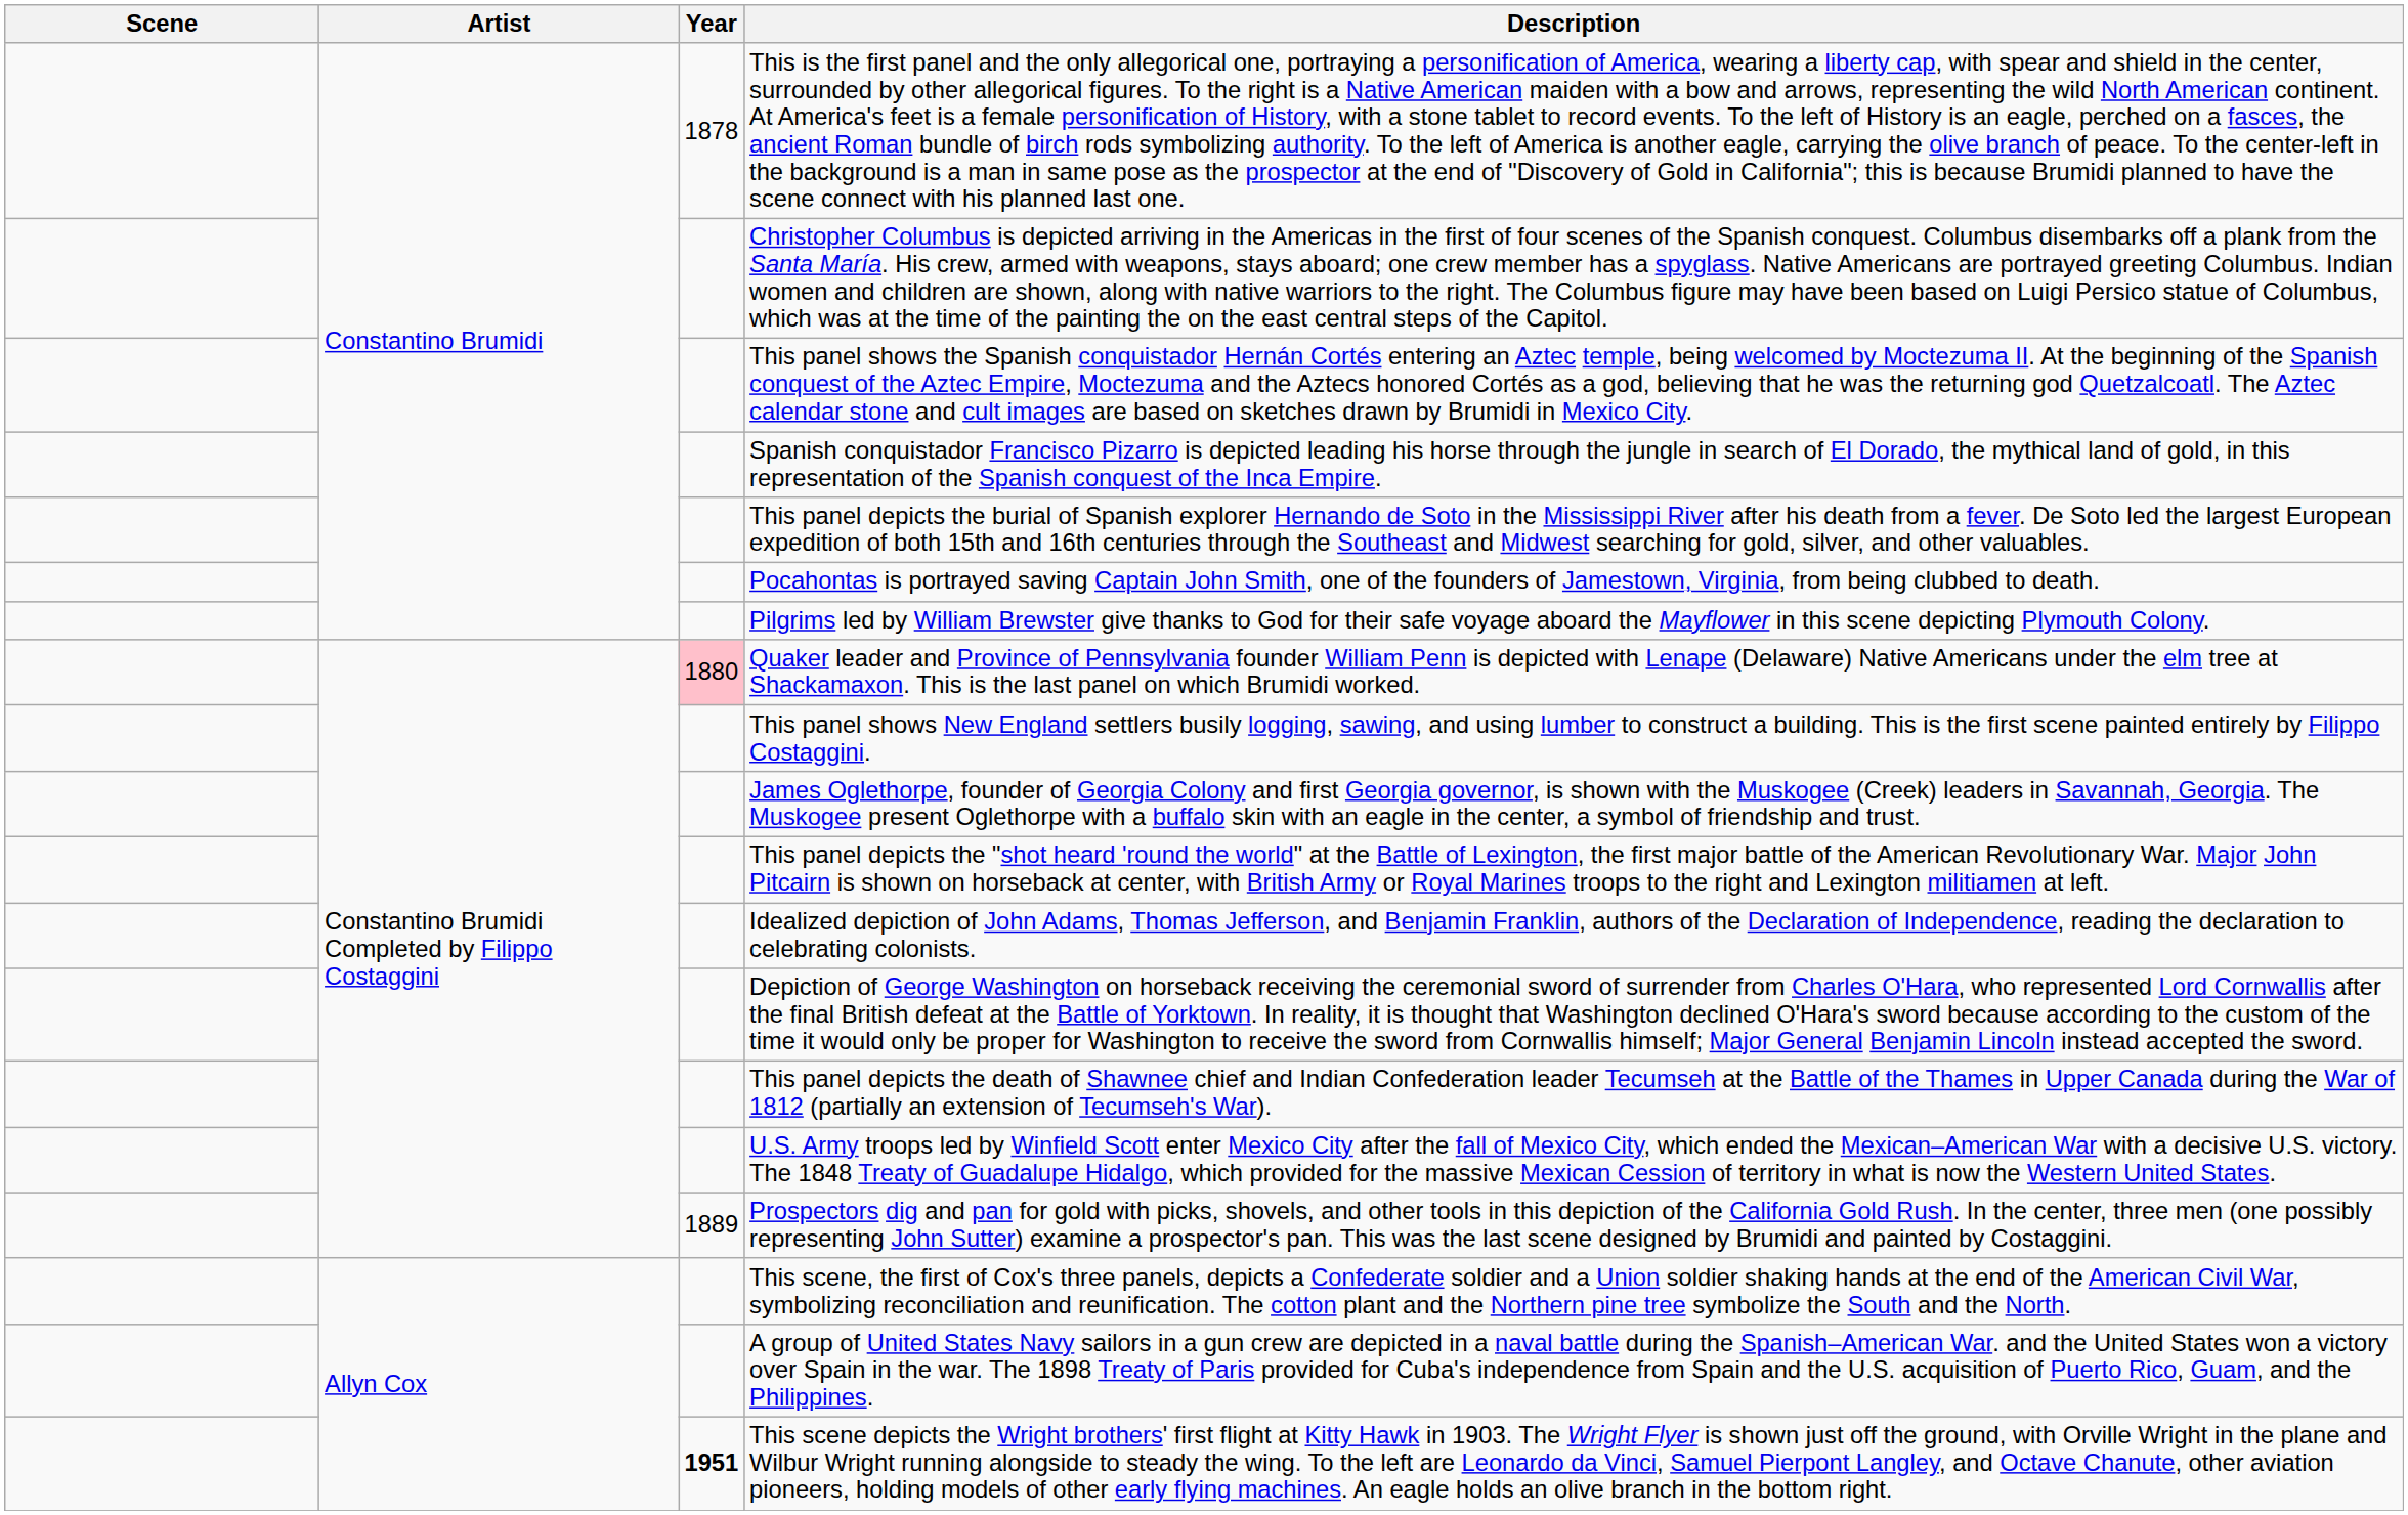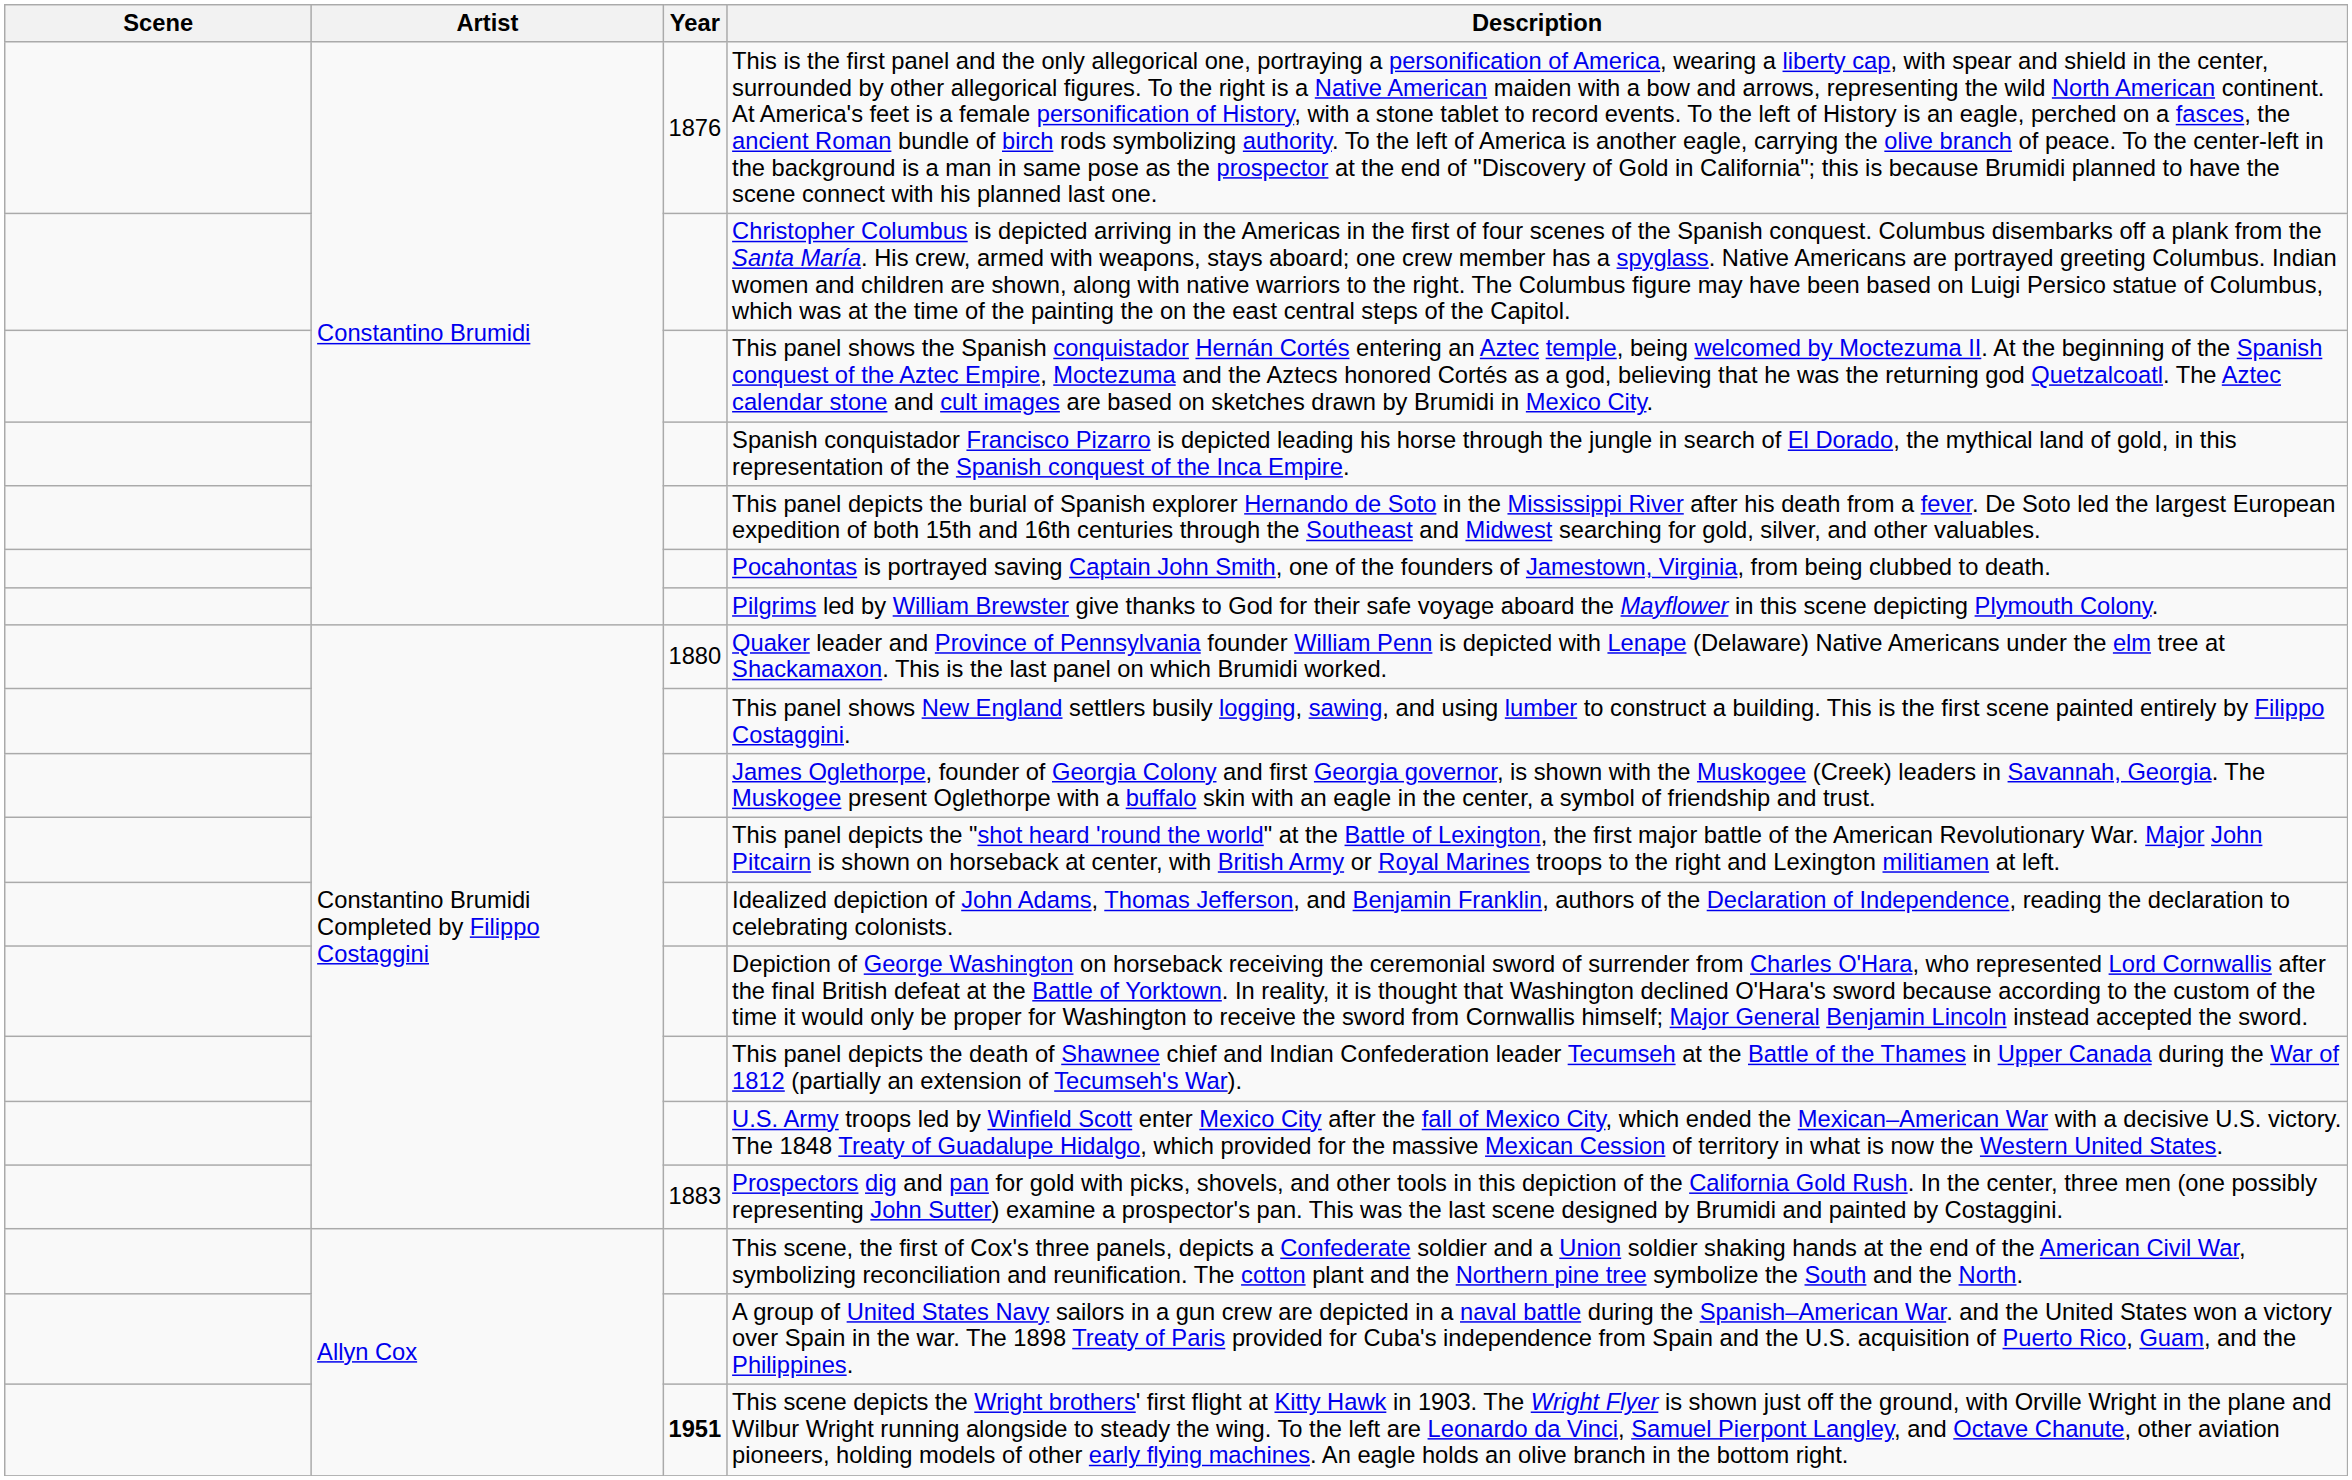 <table class="wikitable" width="100%">
 <tr>
 <th>Scene</th>
 <th width="15%">Artist</th>
 <th>Year</th>
 <th>Description</th>
 </tr>
 <tr>
 <td width="200px" align="center"><strong><em></em></strong></td>
 <td rowspan="7"><a href='#'>Constantino Brumidi</a></td>
-<td>1878</td>
+<td>1876</td>
 <td>This is the first panel and the only allegorical one, portraying a <a href='#'>personification of America</a>, wearing a <a href='#'>liberty cap</a>, with spear and shield in the center, surrounded by other allegorical figures. To the right is a <a href='#'>Native American</a> maiden with a bow and arrows, representing the wild <a href='#'>North American</a> continent. At America's feet is a female <a href='#'>personification of History</a>, with a stone tablet to record events. To the left of History is an eagle, perched on a <a href='#'>fasces</a>, the <a href='#'>ancient Roman</a> bundle of <a href='#'>birch</a> rods symbolizing <a href='#'>authority</a>. To the left of America is another eagle, carrying the <a href='#'>olive branch</a> of peace. To the center-left in the background is a man in same pose as the <a href='#'>prospector</a> at the end of "Discovery of Gold in California"; this is because Brumidi planned to have the scene connect with his planned last one.</td>
 </tr>
 <tr>
 <td width="200px" align="center"><strong><em></em></strong></td>
 <td></td>
 <td><a href='#'>Christopher Columbus</a> is depicted arriving in the Americas in the first of four scenes of the Spanish conquest. Columbus disembarks off a plank from the <em><a href='#'>Santa María</a></em>. His crew, armed with weapons, stays aboard; one crew member has a <a href='#'>spyglass</a>. Native Americans are portrayed greeting Columbus. Indian women and children are shown, along with native warriors to the right. The Columbus figure may have been based on Luigi Persico statue of Columbus, which was at the time of the painting the on the east central steps of the Capitol.</td>
 </tr>
 <tr>
 <td width="200px" align="center"><strong><em></em></strong></td>
 <td></td>
 <td>This panel shows the Spanish <a href='#'>conquistador</a> <a href='#'>Hernán Cortés</a> entering an <a href='#'>Aztec</a> <a href='#'>temple</a>, being <a href='#'>welcomed by Moctezuma II</a>. At the beginning of the <a href='#'>Spanish conquest of the Aztec Empire</a>, <a href='#'>Moctezuma</a> and the Aztecs honored Cortés as a god, believing that he was the returning god <a href='#'>Quetzalcoatl</a>. The <a href='#'>Aztec calendar stone</a> and <a href='#'>cult images</a> are based on sketches drawn by Brumidi in <a href='#'>Mexico City</a>.</td>
 </tr>
 <tr>
 <td width="200px" align="center"><strong><em></em></strong></td>
 <td></td>
 <td>Spanish conquistador <a href='#'>Francisco Pizarro</a> is depicted leading his horse through the jungle in search of <a href='#'>El Dorado</a>, the mythical land of gold, in this representation of the <a href='#'>Spanish conquest of the Inca Empire</a>.</td>
 </tr>
 <tr>
 <td width="200px" align="center"><strong><em></em></strong></td>
 <td></td>
 <td>This panel depicts the burial of Spanish explorer <a href='#'>Hernando de Soto</a> in the <a href='#'>Mississippi River</a> after his death from a <a href='#'>fever</a>. De Soto led the largest European expedition of both 15th and 16th centuries through the <a href='#'>Southeast</a> and <a href='#'>Midwest</a> searching for gold, silver, and other valuables.</td>
 </tr>
 <tr>
 <td width="200px" align="center"><strong><em></em></strong></td>
 <td></td>
 <td><a href='#'>Pocahontas</a> is portrayed saving <a href='#'>Captain John Smith</a>, one of the founders of <a href='#'>Jamestown, Virginia</a>, from being clubbed to death.</td>
 </tr>
 <tr>
 <td width="200px" align="center"><strong><em></em></strong></td>
 <td></td>
 <td><a href='#'>Pilgrims</a> led by <a href='#'>William Brewster</a> give thanks to God for their safe voyage aboard the <em><a href='#'>Mayflower</a></em> in this scene depicting <a href='#'>Plymouth Colony</a>.</td>
 </tr>
 <tr>
 <td width="200px" align="center"></td>
 <td rowspan="9">Constantino Brumidi<br>Completed by <a href='#'>Filippo Costaggini</a></td>
-<td style="background: pink;">1880</td>
+<td>1880</td>
 <td><a href='#'>Quaker</a> leader and <a href='#'>Province of Pennsylvania</a> founder <a href='#'>William Penn</a> is depicted with <a href='#'>Lenape</a> (Delaware) Native Americans under the <a href='#'>elm</a> tree at <a href='#'>Shackamaxon</a>. This is the last panel on which Brumidi worked.</td>
 </tr>
 <tr>
 <td width="200px" align="center"><strong><em></em></strong></td>
 <td></td>
 <td>This panel shows <a href='#'>New England</a> settlers busily <a href='#'>logging</a>, <a href='#'>sawing</a>, and using <a href='#'>lumber</a> to construct a building. This is the first scene painted entirely by <a href='#'>Filippo Costaggini</a>.</td>
 </tr>
 <tr>
 <td width="200px" align="center"><strong><em></em></strong></td>
 <td></td>
 <td><a href='#'>James Oglethorpe</a>, founder of <a href='#'>Georgia Colony</a> and first <a href='#'>Georgia governor</a>, is shown with the <a href='#'>Muskogee</a> (Creek) leaders in <a href='#'>Savannah, Georgia</a>. The <a href='#'>Muskogee</a> present Oglethorpe with a <a href='#'>buffalo</a> skin with an eagle in the center, a symbol of friendship and trust.</td>
 </tr>
 <tr>
 <td width="200px" align="center"><strong><em></em></strong></td>
 <td></td>
 <td>This panel depicts the "<a href='#'>shot heard 'round the world</a>" at the <a href='#'>Battle of Lexington</a>, the first major battle of the American Revolutionary War. <a href='#'>Major</a> <a href='#'>John Pitcairn</a> is shown on horseback at center, with <a href='#'>British Army</a> or <a href='#'>Royal Marines</a> troops to the right and Lexington <a href='#'>militiamen</a> at left.</td>
 </tr>
 <tr>
 <td width="200px" align="center"><strong><em></em></strong></td>
 <td></td>
 <td>Idealized depiction of <a href='#'>John Adams</a>, <a href='#'>Thomas Jefferson</a>, and <a href='#'>Benjamin Franklin</a>, authors of the <a href='#'>Declaration of Independence</a>, reading the declaration to celebrating colonists.</td>
 </tr>
 <tr>
 <td width="200px" align="center"><strong><em></em></strong></td>
 <td></td>
 <td>Depiction of <a href='#'>George Washington</a> on horseback receiving the ceremonial sword of surrender from <a href='#'>Charles O'Hara</a>, who represented <a href='#'>Lord Cornwallis</a> after the final British defeat at the <a href='#'>Battle of Yorktown</a>. In reality, it is thought that Washington declined O'Hara's sword because according to the custom of the time it would only be proper for Washington to receive the sword from Cornwallis himself; <a href='#'>Major General</a> <a href='#'>Benjamin Lincoln</a> instead accepted the sword.</td>
 </tr>
 <tr>
 <td width="200px" align="center"><strong><em></em></strong></td>
 <td></td>
 <td>This panel depicts the death of <a href='#'>Shawnee</a> chief and Indian Confederation leader <a href='#'>Tecumseh</a> at the <a href='#'>Battle of the Thames</a> in <a href='#'>Upper Canada</a> during the <a href='#'>War of 1812</a> (partially an extension of <a href='#'>Tecumseh's War</a>).</td>
 </tr>
 <tr>
 <td width="200px" align="center"><strong><em></em></strong></td>
 <td></td>
 <td><a href='#'>U.S. Army</a> troops led by <a href='#'>Winfield Scott</a> enter <a href='#'>Mexico City</a> after the <a href='#'>fall of Mexico City</a>, which ended the <a href='#'>Mexican–American War</a> with a decisive U.S. victory. The 1848 <a href='#'>Treaty of Guadalupe Hidalgo</a>, which provided for the massive <a href='#'>Mexican Cession</a> of territory in what is now the <a href='#'>Western United States</a>.</td>
 </tr>
 <tr>
 <td width="200px" align="center"><strong><em></em></strong></td>
-<td>1889</td>
+<td>1883</td>
 <td><a href='#'>Prospectors</a> <a href='#'>dig</a> and <a href='#'>pan</a> for gold with picks, shovels, and other tools in this depiction of the <a href='#'>California Gold Rush</a>. In the center, three men (one possibly representing <a href='#'>John Sutter</a>) examine a prospector's pan. This was the last scene designed by Brumidi and painted by Costaggini.</td>
 </tr>
 <tr>
 <td width="200px" align="center"><strong><em></em></strong></td>
 <td rowspan="3"><a href='#'>Allyn Cox</a></td>
 <td></td>
 <td>This scene, the first of Cox's three panels, depicts a <a href='#'>Confederate</a> soldier and a <a href='#'>Union</a> soldier shaking hands at the end of the <a href='#'>American Civil War</a>, symbolizing reconciliation and reunification. The <a href='#'>cotton</a> plant and the <a href='#'>Northern pine tree</a> symbolize the <a href='#'>South</a> and the <a href='#'>North</a>.</td>
 </tr>
 <tr>
 <td width="200px" align="center"><strong><em></em></strong></td>
 <td></td>
 <td>A group of <a href='#'>United States Navy</a> sailors in a gun crew are depicted in a <a href='#'>naval battle</a> during the <a href='#'>Spanish–American War</a>. and the United States won a victory over Spain in the war. The 1898 <a href='#'>Treaty of Paris</a> provided for Cuba's independence from Spain and the U.S. acquisition of <a href='#'>Puerto Rico</a>, <a href='#'>Guam</a>, and the <a href='#'>Philippines</a>.</td>
 </tr>
 <tr>
 <td width="200px" align="center"><strong><em></em></strong></td>
 <td><strong>1951</strong></td>
 <td>This scene depicts the <a href='#'>Wright brothers</a>' first flight at <a href='#'>Kitty Hawk</a> in 1903. The <em><a href='#'>Wright Flyer</a></em> is shown just off the ground, with Orville Wright in the plane and Wilbur Wright running alongside to steady the wing. To the left are <a href='#'>Leonardo da Vinci</a>, <a href='#'>Samuel Pierpont Langley</a>, and <a href='#'>Octave Chanute</a>, other aviation pioneers, holding models of other <a href='#'>early flying machines</a>. An eagle holds an olive branch in the bottom right.</td>
 </tr>
 </table>
